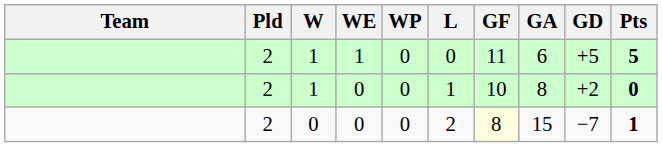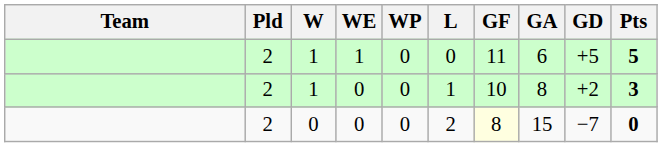 <table class="wikitable" style="text-align: center; font-size:90% ">
 <tr>
 <th width=160>Team</th>
 <th width=25>Pld</th>
 <th width=25>W</th>
 <th width=25>WE</th>
 <th width=25>WP</th>
 <th width=25>L</th>
 <th width=25>GF</th>
 <th width=25>GA</th>
 <th width=25>GD</th>
 <th width=25>Pts</th>
 </tr>
 <tr bgcolor=ccffcc>
 <td align=left></td>
 <td>2</td>
 <td>1</td>
 <td>1</td>
 <td>0</td>
 <td>0</td>
 <td>11</td>
 <td>6</td>
 <td>+5</td>
 <td><strong>5</strong></td>
 </tr>
 <tr bgcolor=ccffcc>
 <td align=left></td>
 <td>2</td>
 <td>1</td>
 <td>0</td>
 <td>0</td>
 <td>1</td>
 <td>10</td>
 <td>8</td>
 <td>+2</td>
-<td><strong>0</strong></td>
+<td><strong>3</strong></td>
 </tr>
 <tr>
 <td align=left></td>
 <td>2</td>
 <td>0</td>
 <td>0</td>
 <td>0</td>
 <td>2</td>
 <td style="background: lightyellow;">8</td>
 <td>15</td>
 <td>−7</td>
-<td><strong>1</strong></td>
+<td><strong>0</strong></td>
 </tr>
 </table>
